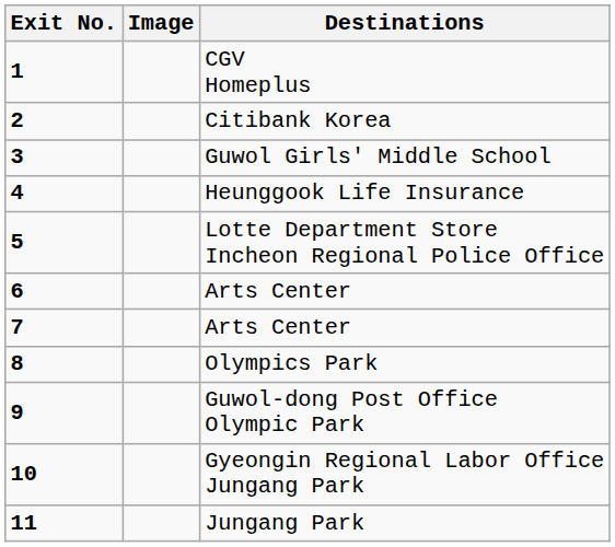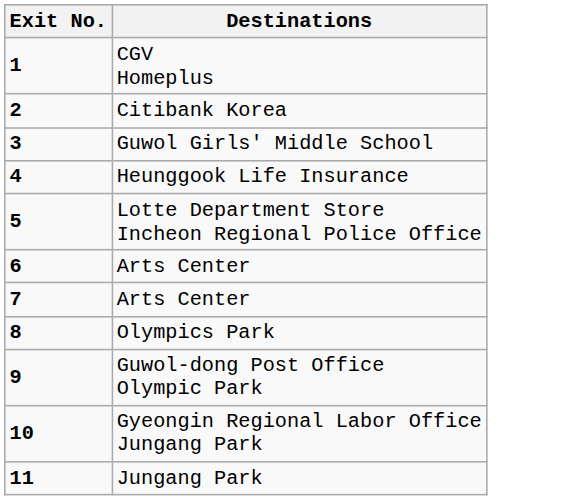 <table class="wikitable">
 <tr>
 <th>Exit No.</th>
-<th>Image</th>
 <th>Destinations</th>
 </tr>
 <tr>
 <td><strong>1</strong></td>
-<td></td>
 <td>CGV<br>Homeplus</td>
 </tr>
 <tr>
 <td><strong>2</strong></td>
-<td></td>
 <td>Citibank Korea</td>
 </tr>
 <tr>
 <td><strong>3</strong></td>
-<td></td>
 <td>Guwol Girls' Middle School</td>
 </tr>
 <tr>
 <td><strong>4</strong></td>
-<td></td>
 <td>Heunggook Life Insurance</td>
 </tr>
 <tr>
 <td><strong>5</strong></td>
-<td></td>
 <td>Lotte Department Store<br>Incheon Regional Police Office</td>
 </tr>
 <tr>
 <td><strong>6</strong></td>
-<td></td>
 <td>Arts Center</td>
 </tr>
 <tr>
 <td><strong>7</strong></td>
-<td></td>
 <td>Arts Center</td>
 </tr>
 <tr>
 <td><strong>8</strong></td>
-<td></td>
 <td>Olympics Park</td>
 </tr>
 <tr>
 <td><strong>9</strong></td>
-<td></td>
 <td>Guwol-dong Post Office<br>Olympic Park</td>
 </tr>
 <tr>
 <td><strong>10</strong></td>
-<td></td>
 <td>Gyeongin Regional Labor Office<br>Jungang Park</td>
 </tr>
 <tr>
 <td><strong>11</strong></td>
-<td></td>
 <td>Jungang Park</td>
 </tr>
 </table>
